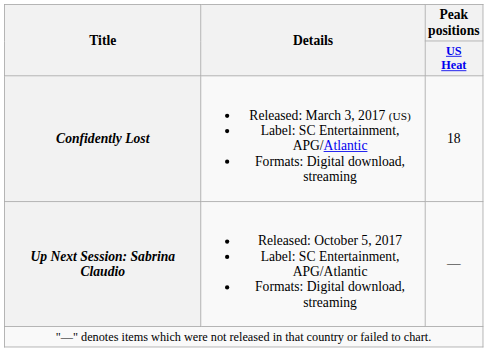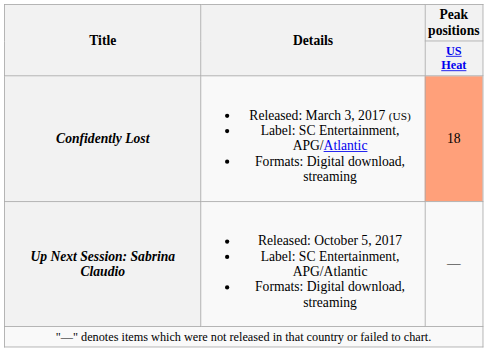 <table class="wikitable plainrowheaders" style="text-align:center;">
 <tr>
 <th scope="col" rowspan="2" style="width:14em;">Title</th>
 <th scope="col" rowspan="2" style="width:16em;">Details</th>
 <th scope="col" colspan="1">Peak positions</th>
 </tr>
 <tr>
 <th scope="col" style="width:3em;font-size:90%;"><a href='#'>US<br>Heat</a><br></th>
 </tr>
 <tr>
 <th scope="row"><em>Confidently Lost</em></th>
 <td><br><ul><li>Released: March 3, 2017 <small>(US)</small></li><li>Label: SC Entertainment, APG/<a href='#'>Atlantic</a></li><li>Formats: Digital download, streaming</li></ul></td>
-<td>18</td>
+<td style="background: lightsalmon;">18</td>
 </tr>
 <tr>
 <th scope="row"><em>Up Next Session: Sabrina Claudio</em></th>
 <td><br><ul><li>Released: October 5, 2017 </li><li>Label: SC Entertainment, APG/Atlantic</li><li>Formats: Digital download, streaming</li></ul></td>
 <td>—</td>
 </tr>
 <tr>
 <td colspan="14" style="font-size:90%;">"—" denotes items which were not released in that country or failed to chart.</td>
 </tr>
 </table>
